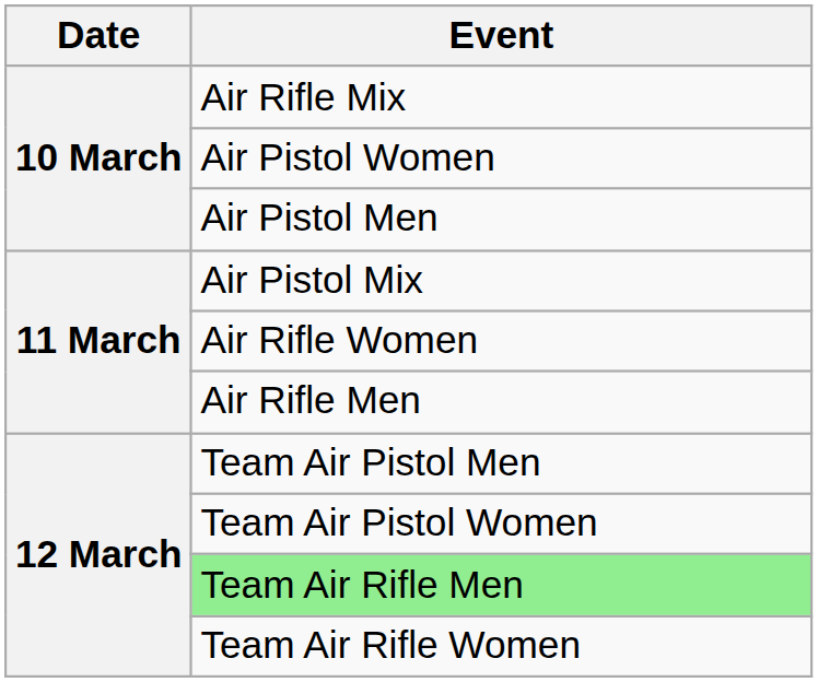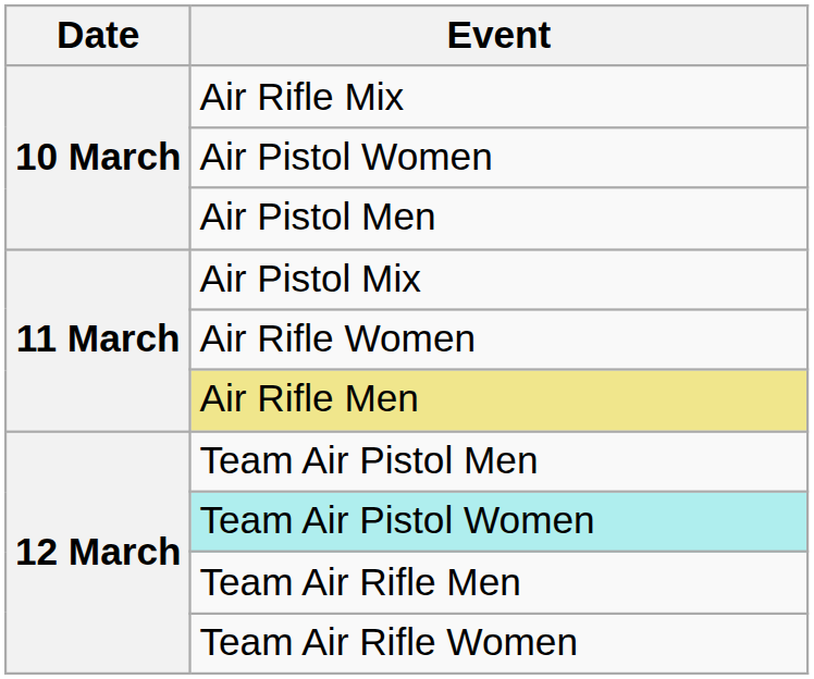 <table class=wikitable>
 <tr>
 <th width=70>Date</th>
 <th width=250>Event</th>
 </tr>
 <tr>
 <th rowspan=3 align=center>10 March</th>
 <td>Air Rifle Mix</td>
 </tr>
 <tr>
 <td>Air Pistol Women</td>
 </tr>
 <tr>
 <td>Air Pistol Men</td>
 </tr>
 <tr>
 <th rowspan=3 align=center>11 March</th>
 <td>Air Pistol Mix</td>
 </tr>
 <tr>
 <td>Air Rifle Women</td>
 </tr>
 <tr>
-<td>Air Rifle Men</td>
+<td style="background: khaki;">Air Rifle Men</td>
 </tr>
 <tr>
 <th rowspan=4 align=center>12 March</th>
 <td>Team Air Pistol Men</td>
 </tr>
 <tr>
-<td>Team Air Pistol Women</td>
+<td style="background: paleturquoise;">Team Air Pistol Women</td>
 </tr>
 <tr>
-<td style="background: lightgreen;">Team Air Rifle Men</td>
+<td>Team Air Rifle Men</td>
 </tr>
 <tr>
 <td>Team Air Rifle Women</td>
 </tr>
 </table>
